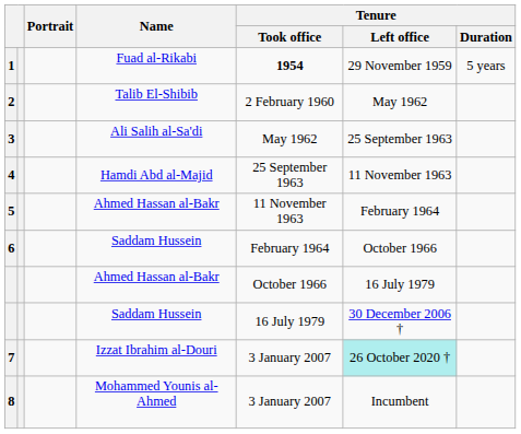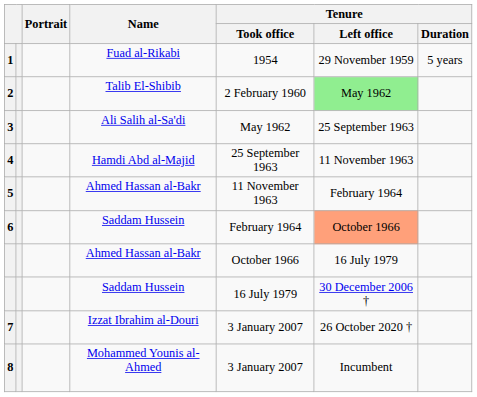 <table class="wikitable" style="text-align:center">
 <tr>
 <th rowspan=2 colspan=2></th>
 <th rowspan=2>Portrait</th>
 <th rowspan=2>Name<br></th>
 <th colspan=3>Tenure</th>
 </tr>
 <tr>
 <th>Took office</th>
 <th>Left office</th>
 <th>Duration</th>
 </tr>
 <tr>
 <th>1</th>
 <th style="background:"></th>
 <td></td>
 <td><a href='#'>Fuad al-Rikabi</a><br><br></td>
-<td><strong>1954</strong></td>
+<td>1954</td>
 <td>29 November 1959</td>
 <td>5 years</td>
 </tr>
 <tr>
 <th>2</th>
 <th style="background:"></th>
 <td></td>
 <td><a href='#'>Talib El-Shibib</a><br><br></td>
 <td>2 February 1960</td>
-<td>May 1962</td>
+<td style="background: lightgreen;">May 1962</td>
 <td></td>
 </tr>
 <tr>
 <th>3</th>
 <th style="background:"></th>
 <td></td>
 <td><a href='#'>Ali Salih al-Sa'di</a><br><br></td>
 <td>May 1962</td>
 <td>25 September 1963</td>
 <td></td>
 </tr>
 <tr>
 <th>4</th>
 <th style="background:"></th>
 <td></td>
 <td><a href='#'>Hamdi Abd al-Majid</a><br></td>
 <td>25 September 1963</td>
 <td>11 November 1963</td>
 <td></td>
 </tr>
 <tr>
 <th>5</th>
 <th style="background:"></th>
 <td></td>
 <td><a href='#'>Ahmed Hassan al-Bakr</a><br><br></td>
 <td>11 November 1963</td>
 <td>February 1964</td>
 <td></td>
 </tr>
 <tr>
 <th>6</th>
 <th style="background:"></th>
 <td></td>
 <td><a href='#'>Saddam Hussein</a><br><br></td>
 <td>February 1964</td>
-<td>October 1966</td>
+<td style="background: lightsalmon;">October 1966</td>
 <td></td>
 </tr>
 <tr>
 <th></th>
 <th style="background:"></th>
 <td></td>
 <td><a href='#'>Ahmed Hassan al-Bakr</a><br><br></td>
 <td>October 1966</td>
 <td>16 July 1979</td>
 <td></td>
 </tr>
 <tr>
 <th></th>
 <th style="background:"></th>
 <td></td>
 <td><a href='#'>Saddam Hussein</a><br><br></td>
 <td>16 July 1979</td>
 <td><a href='#'>30 December 2006</a> †</td>
 <td></td>
 </tr>
 <tr>
 <th>7</th>
 <th style="background:"></th>
 <td></td>
 <td><a href='#'>Izzat Ibrahim al-Douri</a><br><br></td>
 <td>3 January 2007</td>
-<td style="background: paleturquoise;">26 October 2020 †</td>
+<td>26 October 2020 †</td>
 <td></td>
 </tr>
 <tr>
 <th>8</th>
 <th style="background:"></th>
 <td></td>
 <td><a href='#'>Mohammed Younis al-Ahmed</a><br><br></td>
 <td>3 January 2007</td>
 <td>Incumbent</td>
 <td></td>
 </tr>
 </table>
